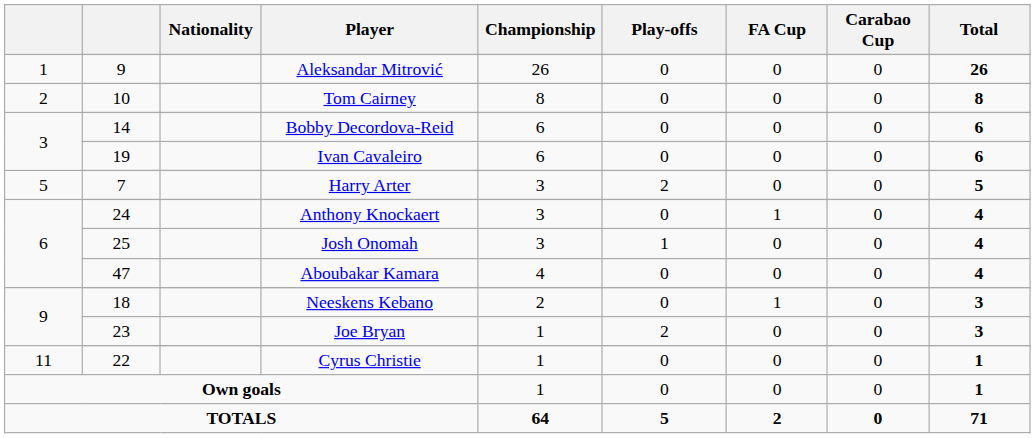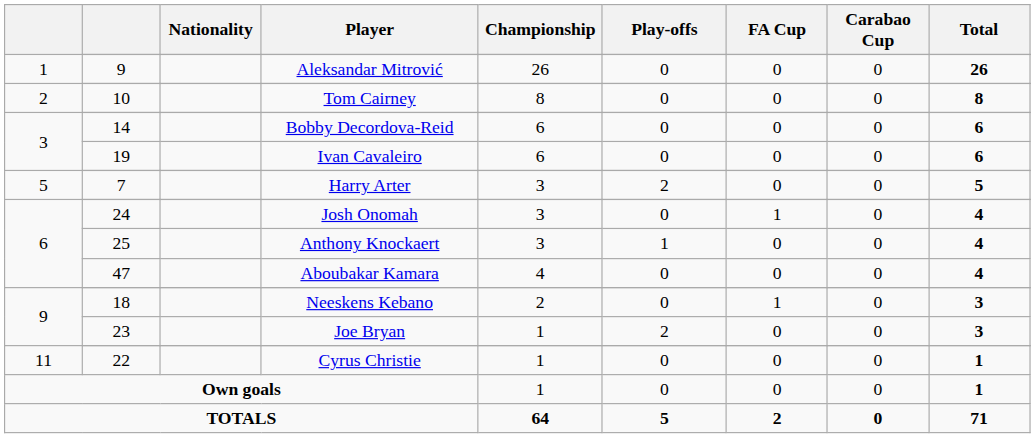 <table class="wikitable" style="font-size: 95%; text-align: center;">
 <tr>
 <th width=60></th>
 <th width=60></th>
 <th width=80>Nationality</th>
 <th width=180>Player</th>
 <th width=100>Championship</th>
 <th width=100>Play-offs</th>
 <th width=80>FA Cup</th>
 <th width=80>Carabao Cup</th>
 <th width=80>Total</th>
 </tr>
 <tr>
 <td rowspan="2">1</td>
 </tr>
 <tr>
 <td>9</td>
 <td></td>
 <td><a href='#'>Aleksandar Mitrović</a></td>
 <td>26</td>
 <td>0</td>
 <td>0</td>
 <td>0</td>
 <td><strong>26</strong></td>
 </tr>
 <tr>
 <td rowspan="2">2</td>
 </tr>
 <tr>
 <td>10</td>
 <td></td>
 <td><a href='#'>Tom Cairney</a></td>
 <td>8</td>
 <td>0</td>
 <td>0</td>
 <td>0</td>
 <td><strong>8</strong></td>
 </tr>
 <tr>
 <td rowspan="3">3</td>
 </tr>
 <tr>
 <td>14</td>
 <td></td>
 <td><a href='#'>Bobby Decordova-Reid</a></td>
 <td>6</td>
 <td>0</td>
 <td>0</td>
 <td>0</td>
 <td><strong>6</strong></td>
 </tr>
 <tr>
 <td>19</td>
 <td></td>
 <td><a href='#'>Ivan Cavaleiro</a></td>
 <td>6</td>
 <td>0</td>
 <td>0</td>
 <td>0</td>
 <td><strong>6</strong></td>
 </tr>
 <tr>
 <td rowspan="2">5</td>
 </tr>
 <tr>
 <td>7</td>
 <td></td>
 <td><a href='#'>Harry Arter</a></td>
 <td>3</td>
 <td>2</td>
 <td>0</td>
 <td>0</td>
 <td><strong>5</strong></td>
 </tr>
 <tr>
 <td rowspan="4">6</td>
 </tr>
 <tr>
 <td>24</td>
 <td></td>
-<td><a href='#'>Anthony Knockaert</a></td>
+<td><a href='#'>Josh Onomah</a></td>
 <td>3</td>
 <td>0</td>
 <td>1</td>
 <td>0</td>
 <td><strong>4</strong></td>
 </tr>
 <tr>
 <td>25</td>
 <td></td>
-<td><a href='#'>Josh Onomah</a></td>
+<td><a href='#'>Anthony Knockaert</a></td>
 <td>3</td>
 <td>1</td>
 <td>0</td>
 <td>0</td>
 <td><strong>4</strong></td>
 </tr>
 <tr>
 <td>47</td>
 <td></td>
 <td><a href='#'>Aboubakar Kamara</a></td>
 <td>4</td>
 <td>0</td>
 <td>0</td>
 <td>0</td>
 <td><strong>4</strong></td>
 </tr>
 <tr>
 <td rowspan="3">9</td>
 </tr>
 <tr>
 <td>18</td>
 <td></td>
 <td><a href='#'>Neeskens Kebano</a></td>
 <td>2</td>
 <td>0</td>
 <td>1</td>
 <td>0</td>
 <td><strong>3</strong></td>
 </tr>
 <tr>
 <td>23</td>
 <td></td>
 <td><a href='#'>Joe Bryan</a></td>
 <td>1</td>
 <td>2</td>
 <td>0</td>
 <td>0</td>
 <td><strong>3</strong></td>
 </tr>
 <tr>
 <td rowspan="2">11</td>
 </tr>
 <tr>
 <td>22</td>
 <td></td>
 <td><a href='#'>Cyrus Christie</a></td>
 <td>1</td>
 <td>0</td>
 <td>0</td>
 <td>0</td>
 <td><strong>1</strong></td>
 </tr>
 <tr>
 <td colspan=4><strong>Own goals</strong></td>
 <td>1</td>
 <td>0</td>
 <td>0</td>
 <td>0</td>
 <td><strong>1</strong></td>
 </tr>
 <tr>
 <td colspan=4><strong>TOTALS</strong></td>
 <td><strong>64</strong></td>
 <td><strong>5</strong></td>
 <td><strong>2</strong></td>
 <td><strong>0</strong></td>
 <td><strong>71</strong></td>
 </tr>
 </table>
